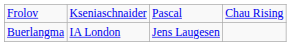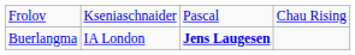 <table class="wikitable">
 <tr>
 <td><a href='#'>Frolov</a></td>
 <td><a href='#'>Kseniaschnaider</a></td>
 <td><a href='#'>Pascal</a></td>
 <td><a href='#'>Chau Rising</a></td>
 </tr>
 <tr>
 <td><a href='#'>Buerlangma</a></td>
 <td><a href='#'>IA London</a></td>
-<td><a href='#'>Jens Laugesen</a></td>
+<td><strong><a href='#'>Jens Laugesen</a></strong></td>
 <td></td>
 </tr>
 </table>
